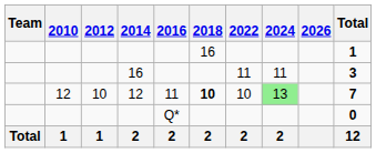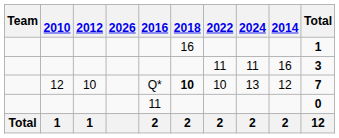 <table class="wikitable" style="text-align:center; font-size:90%">
 <tr bgcolor=>
 <th>Team</th>
 <th><br><a href='#'>2010</a></th>
 <th><br><a href='#'>2012</a></th>
-<th><br><a href='#'>2014</a></th>
+<th><br><a href='#'>2026</a></th>
 <th><br><a href='#'>2016</a></th>
 <th><br><a href='#'>2018</a></th>
 <th><br><a href='#'>2022</a></th>
 <th><br><a href='#'>2024</a></th>
-<th><br><a href='#'>2026</a></th>
+<th><br><a href='#'>2014</a></th>
 <th>Total</th>
 </tr>
 <tr>
 <td align=left></td>
 <td data-sort-value="99"></td>
 <td data-sort-value="99"></td>
 <td data-sort-value="99"></td>
 <td data-sort-value="99"></td>
 <td>16</td>
 <td data-sort-value="99"></td>
 <td data-sort-value="99"></td>
 <td data-sort-value="99"></td>
 <td><strong>1</strong></td>
 </tr>
 <tr>
 <td align=left></td>
 <td data-sort-value="99"></td>
 <td data-sort-value="99"></td>
-<td>16</td>
+<td data-sort-value="99"></td>
 <td data-sort-value="99"></td>
 <td data-sort-value="99"></td>
 <td>11</td>
 <td>11</td>
-<td data-sort-value="99"></td>
+<td>16</td>
 <td><strong>3</strong></td>
 </tr>
 <tr>
 <td align=left></td>
 <td>12</td>
 <td>10</td>
-<td>12</td>
-<td>11</td>
+<td data-sort-value="99"></td>
+<td>Q*</td>
 <td><strong>10</strong></td>
 <td>10</td>
-<td style="background: lightgreen;">13</td>
-<td data-sort-value="99"></td>
+<td>13</td>
+<td>12</td>
 <td><strong>7</strong></td>
 </tr>
 <tr>
 <td align=left></td>
 <td data-sort-value="99"></td>
 <td data-sort-value="99"></td>
 <td data-sort-value="99"></td>
-<td>Q*</td>
+<td>11</td>
 <td data-sort-value="99"></td>
 <td data-sort-value="99"></td>
 <td data-sort-value="99"></td>
 <td data-sort-value="99"></td>
 <td><strong>0</strong></td>
 </tr>
 <tr>
 <th align=left>Total</th>
 <th>1</th>
 <th>1</th>
+<th data-sort-value="99"></th>
 <th>2</th>
 <th>2</th>
 <th>2</th>
 <th>2</th>
 <th>2</th>
-<th data-sort-value="99"></th>
 <th>12</th>
 </tr>
 </table>
